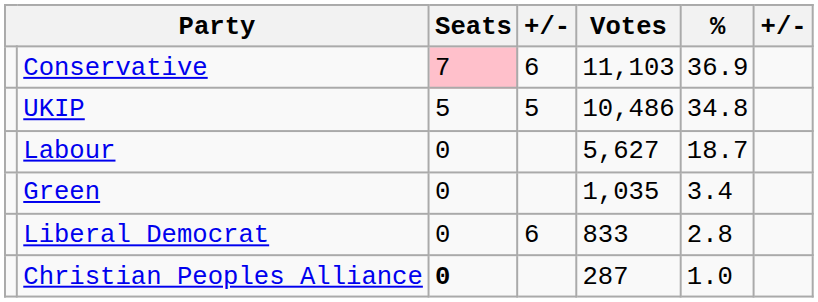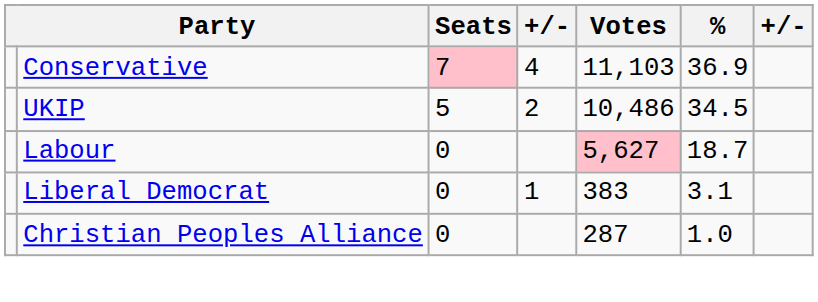 <table class="wikitable">
 <tr>
 <th colspan="2">Party</th>
 <th>Seats</th>
 <th>+/-</th>
 <th>Votes</th>
 <th>%</th>
 <th>+/-</th>
 </tr>
 <tr>
 <td style="background-color: "></td>
 <td><a href='#'>Conservative</a></td>
 <td style="background: pink;">7</td>
-<td> 6</td>
+<td> 4</td>
 <td>11,103</td>
 <td>36.9</td>
 <td style="color:red"></td>
 </tr>
 <tr>
 <td style="background-color:"></td>
 <td><a href='#'>UKIP</a></td>
 <td>5</td>
-<td> 5</td>
+<td> 2</td>
 <td>10,486</td>
-<td>34.8</td>
+<td>34.5</td>
 <td style="color:green"></td>
 </tr>
 <tr>
 <td style="background-color: "></td>
 <td><a href='#'>Labour</a></td>
 <td>0</td>
 <td></td>
-<td>5,627</td>
+<td style="background: pink;">5,627</td>
 <td>18.7</td>
 <td style="color:green"></td>
 </tr>
 <tr>
 <td style="background-color: "></td>
-<td><a href='#'>Green</a></td>
-<td>0</td>
-<td></td>
-<td>1,035</td>
-<td>3.4</td>
-<td style="color:red"></td>
-</tr>
-<tr>
-<td style="background-color: "></td>
 <td><a href='#'>Liberal Democrat</a></td>
 <td>0</td>
-<td> 6</td>
-<td>833</td>
-<td>2.8</td>
+<td> 1</td>
+<td>383</td>
+<td>3.1</td>
 <td style="color:green"></td>
 </tr>
 <tr>
 <td style="background-color: "></td>
 <td><a href='#'>Christian Peoples Alliance</a></td>
-<td><strong>0</strong></td>
+<td>0</td>
 <td></td>
 <td>287</td>
 <td>1.0</td>
 <td style="color:green"></td>
 </tr>
 </table>
